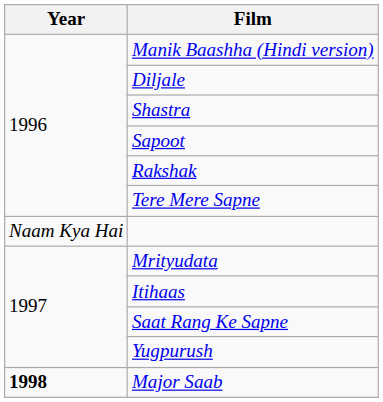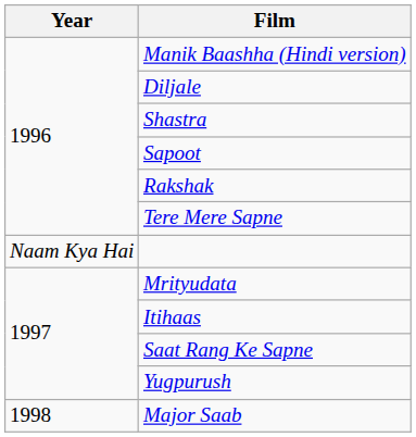 <table class="wikitable sortable">
 <tr>
 <th>Year</th>
 <th>Film</th>
 </tr>
 <tr>
 <td rowspan="6">1996</td>
 <td><em><a href='#'>Manik Baashha (Hindi version)</a></em></td>
 </tr>
 <tr>
 <td><em><a href='#'>Diljale</a></em></td>
 </tr>
 <tr>
 <td><em><a href='#'>Shastra</a></em></td>
 </tr>
 <tr>
 <td><em><a href='#'>Sapoot</a></em></td>
 </tr>
 <tr>
 <td><em><a href='#'>Rakshak</a></em></td>
 </tr>
 <tr>
 <td><em><a href='#'>Tere Mere Sapne</a></em></td>
 </tr>
 <tr>
 <td><em>Naam Kya Hai</em></td>
 </tr>
 <tr>
 <td rowspan="4">1997</td>
 <td><em><a href='#'>Mrityudata</a></em></td>
 </tr>
 <tr>
 <td><em><a href='#'>Itihaas</a></em></td>
 </tr>
 <tr>
 <td><em><a href='#'>Saat Rang Ke Sapne</a></em></td>
 </tr>
 <tr>
 <td><em><a href='#'>Yugpurush</a></em></td>
 </tr>
 <tr>
-<td><strong>1998</strong></td>
+<td>1998</td>
 <td><em><a href='#'>Major Saab</a></em></td>
 </tr>
 </table>
